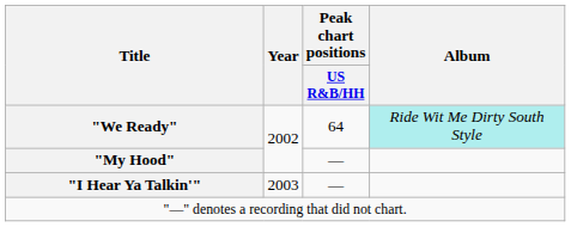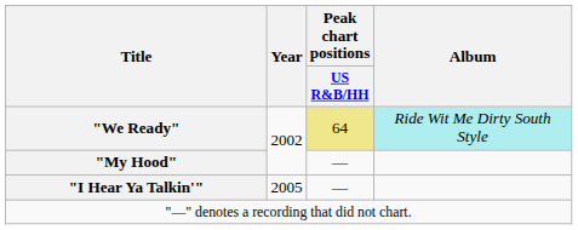 <table class="wikitable plainrowheaders" style="text-align:center;" border="1">
 <tr>
 <th scope="col" rowspan="2" style="width:16em;">Title</th>
 <th scope="col" rowspan="2">Year</th>
 <th>Peak chart positions</th>
 <th scope="col" rowspan="2" style="width:12em;">Album</th>
 </tr>
 <tr>
 <th style="width:3em; font-size:90%"><a href='#'>US<br>R&B/HH</a></th>
 </tr>
 <tr>
 <th scope="row">"We Ready"</th>
 <td rowspan="2">2002</td>
-<td>64</td>
+<td style="background: khaki;">64</td>
 <td style="background: paleturquoise;"><em>Ride Wit Me Dirty South Style</em></td>
 </tr>
 <tr>
 <th scope="row">"My Hood"<br></th>
 <td>—</td>
 <td></td>
 </tr>
 <tr>
 <th scope="row">"I Hear Ya Talkin'"<br></th>
-<td rowspan="1">2003</td>
+<td rowspan="1">2005</td>
 <td>—</td>
 <td></td>
 </tr>
 <tr>
 <td colspan="6" style="font-size:90%">"—" denotes a recording that did not chart.</td>
 </tr>
 </table>
